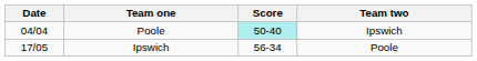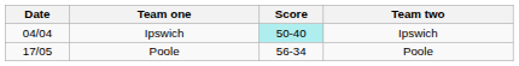 <table class="wikitable" style="text-align: center">
 <tr>
 <th width=80>Date</th>
 <th width=250>Team one</th>
 <th width=80>Score</th>
 <th width=250>Team two</th>
 </tr>
 <tr>
 <td>04/04</td>
-<td>Poole</td>
+<td>Ipswich</td>
 <td style="background: paleturquoise;">50-40</td>
 <td>Ipswich</td>
 </tr>
 <tr>
 <td>17/05</td>
-<td>Ipswich</td>
+<td>Poole</td>
 <td>56-34</td>
 <td>Poole</td>
 </tr>
 </table>
